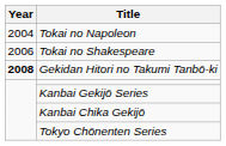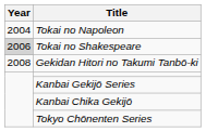 <table class="wikitable">
 <tr>
 <th>Year</th>
 <th>Title</th>
 </tr>
 <tr>
 <td>2004</td>
 <td><em>Tokai no Napoleon</em></td>
 </tr>
 <tr>
-<td>2006</td>
+<td style="background: lightgrey;">2006</td>
 <td><em>Tokai no Shakespeare</em></td>
 </tr>
 <tr>
-<td><strong>2008</strong></td>
+<td>2008</td>
 <td><em>Gekidan Hitori no Takumi Tanbō-ki</em></td>
 </tr>
 <tr>
 <td rowspan="4"></td>
 <td><em></em></td>
 </tr>
 <tr>
 <td><em>Kanbai Gekijō Series</em></td>
 </tr>
 <tr>
 <td><em>Kanbai Chika Gekijō</em></td>
 </tr>
 <tr>
 <td><em>Tokyo Chōnenten Series</em></td>
 </tr>
 </table>
